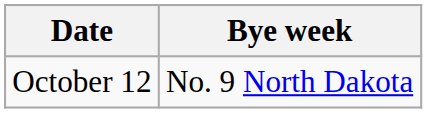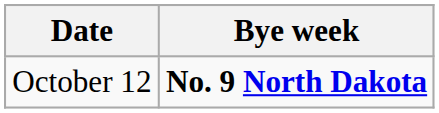 <table class="wikitable" style="font-size:95%;">
 <tr>
 <th>Date</th>
 <th>Bye week</th>
 </tr>
 <tr>
 <td>October 12</td>
-<td>No. 9 <a href='#'>North Dakota</a></td>
+<td><strong>No. 9 <a href='#'>North Dakota</a></strong></td>
 </tr>
 </table>
